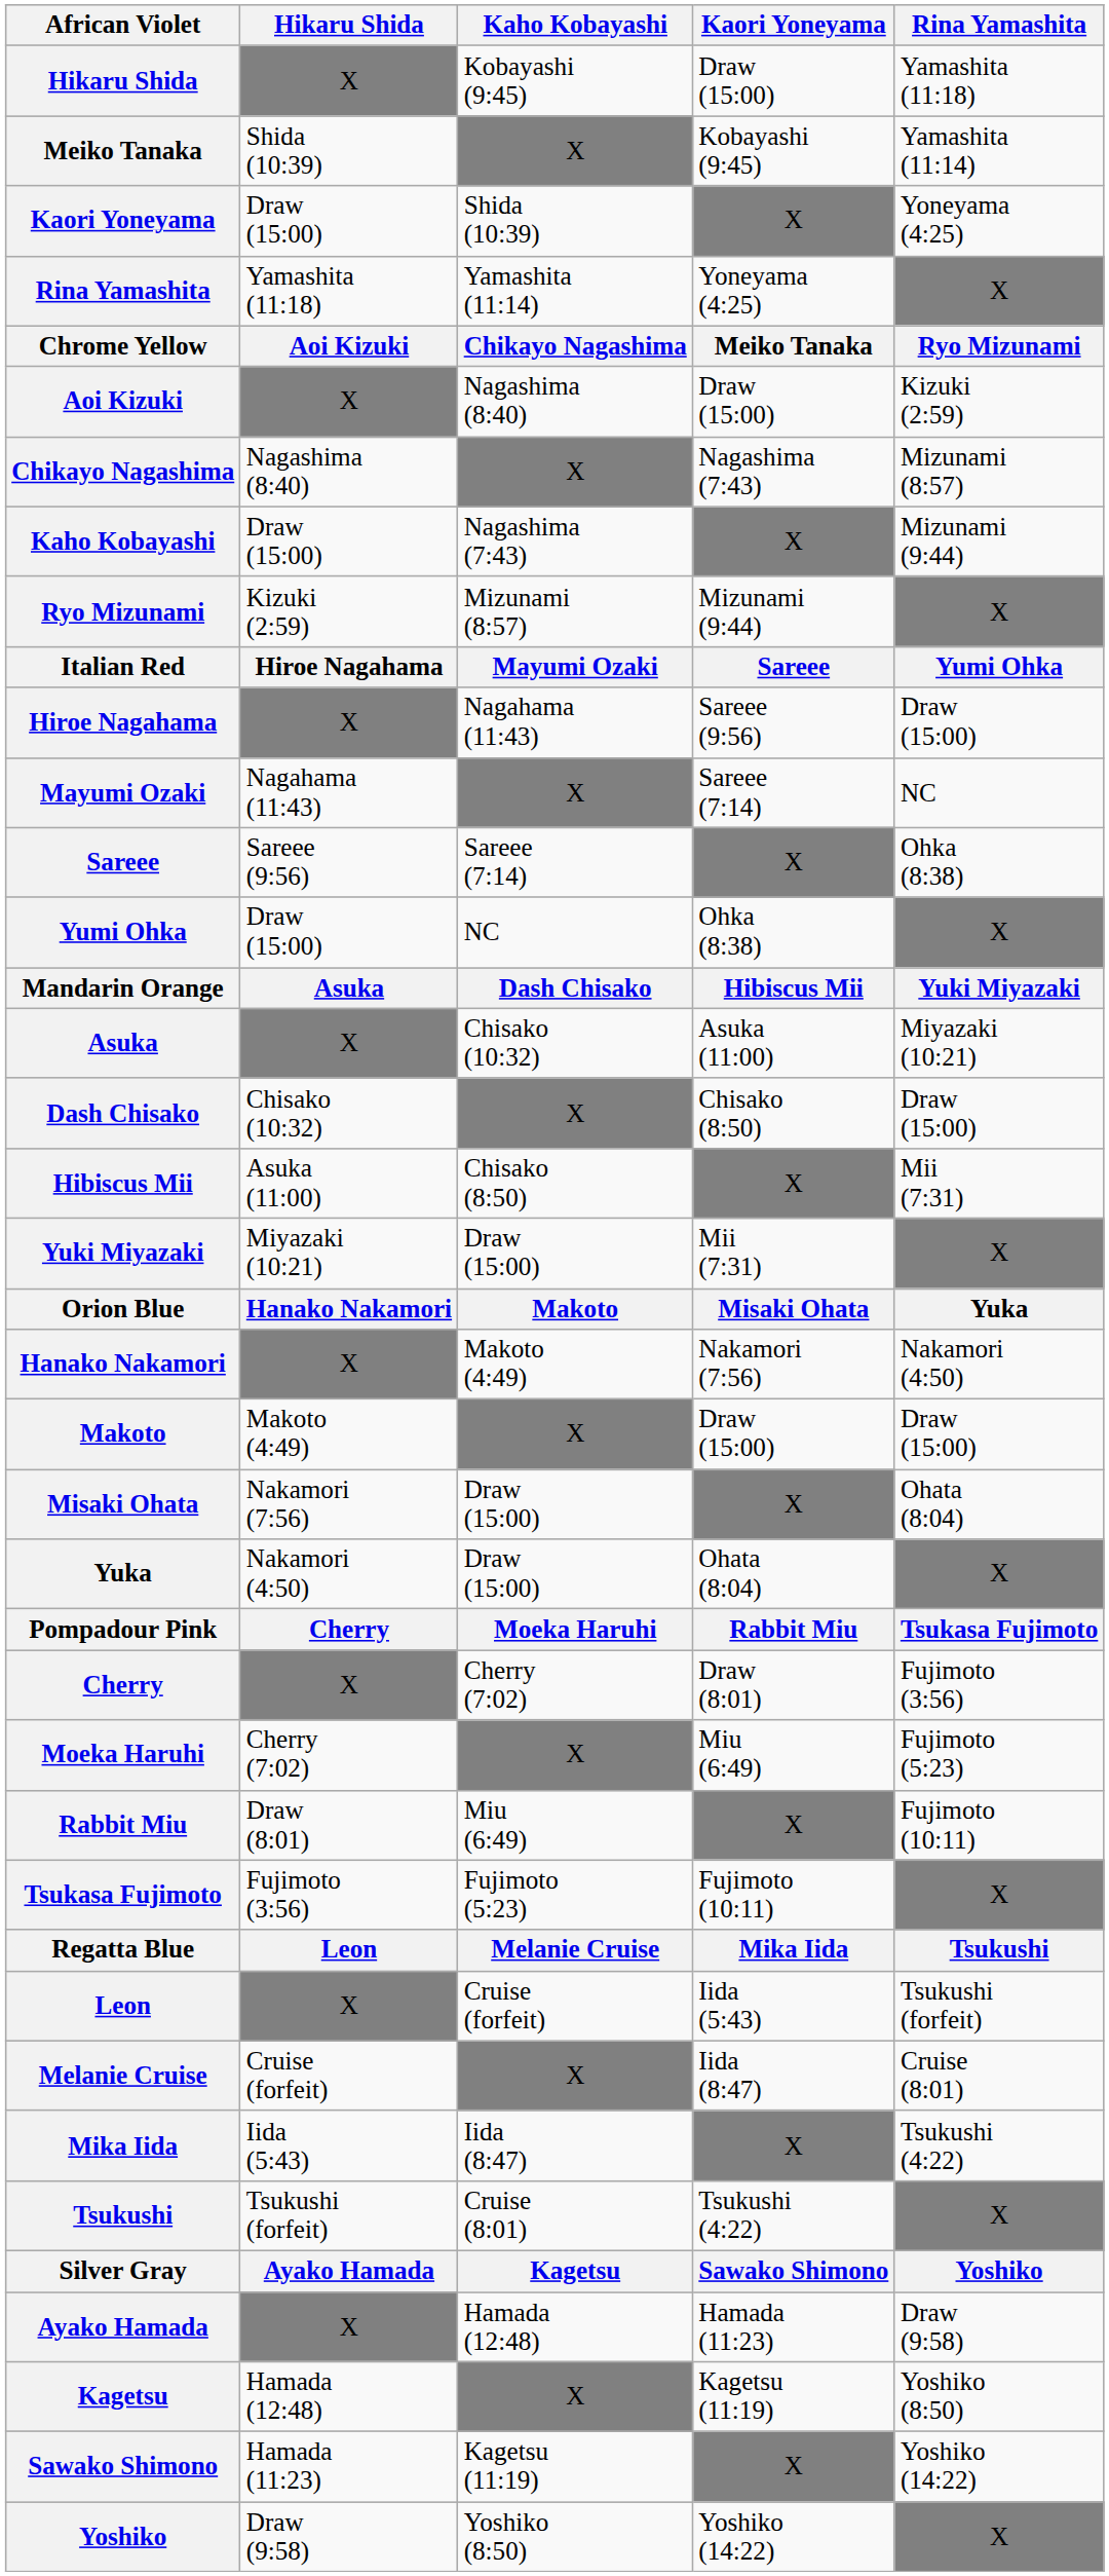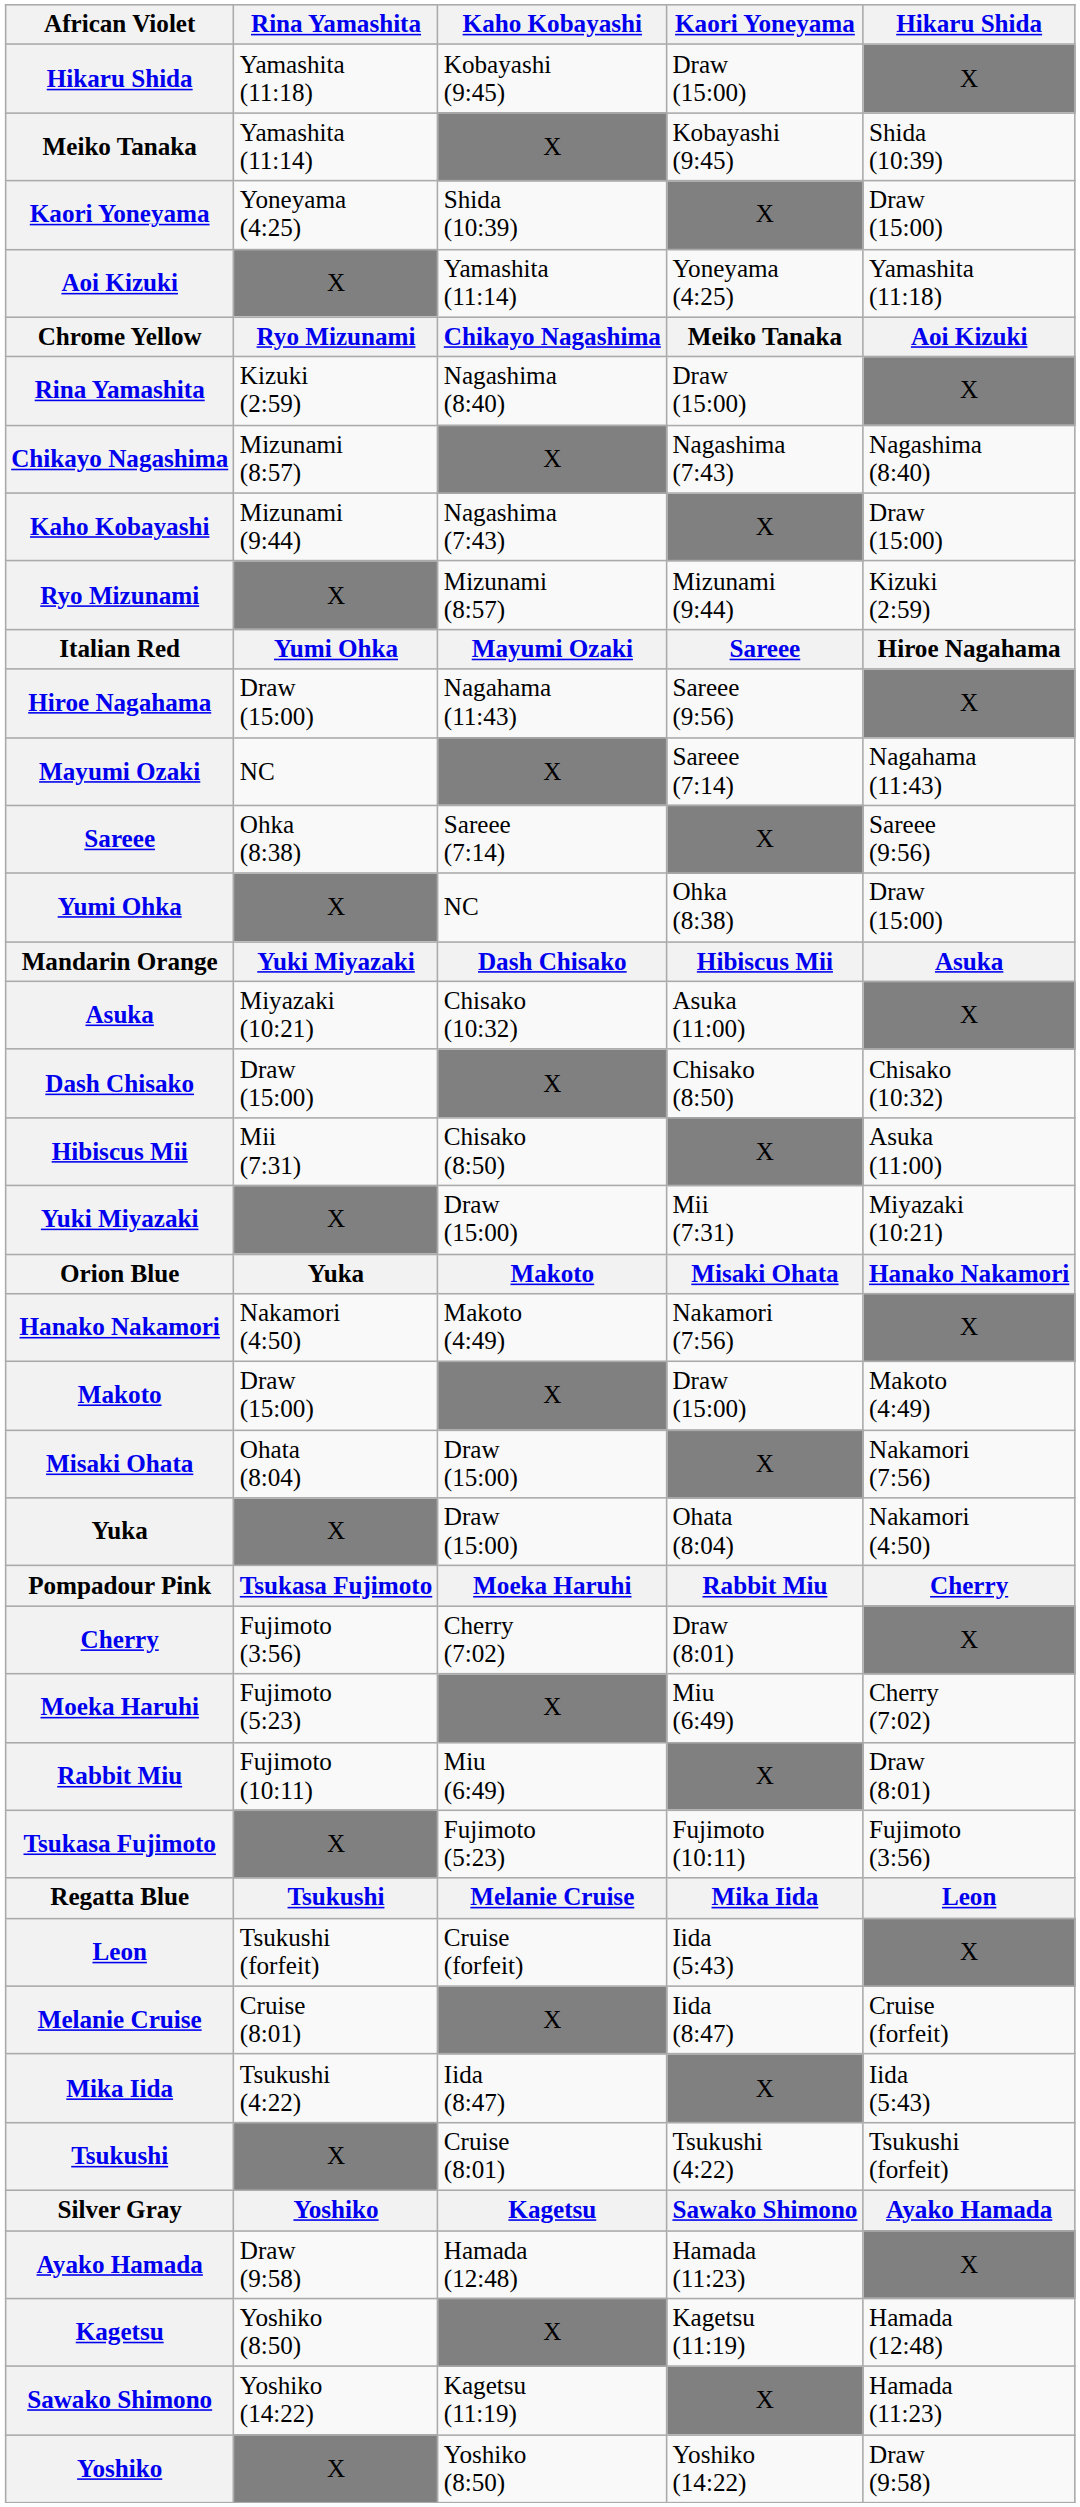 <table class="wikitable" align=center style="margin: 1em auto 1em auto">
 <tr>
 <th>African Violet</th>
-<th><a href='#'>Hikaru Shida</a></th>
+<th><a href='#'>Rina Yamashita</a></th>
 <th><a href='#'>Kaho Kobayashi</a></th>
 <th><a href='#'>Kaori Yoneyama</a></th>
-<th><a href='#'>Rina Yamashita</a></th>
+<th><a href='#'>Hikaru Shida</a></th>
 </tr>
 <tr>
 <th><a href='#'>Hikaru Shida</a></th>
-<td bgcolor=grey align="center">X</td>
+<td>Yamashita<br>(11:18)</td>
 <td>Kobayashi<br>(9:45)</td>
 <td>Draw<br>(15:00)</td>
-<td>Yamashita<br>(11:18)</td>
+<td bgcolor=grey align="center">X</td>
 </tr>
 <tr>
 <th>Meiko Tanaka</th>
-<td>Shida<br>(10:39)</td>
+<td>Yamashita<br>(11:14)</td>
 <td bgcolor=grey align="center">X</td>
 <td>Kobayashi<br>(9:45)</td>
-<td>Yamashita<br>(11:14)</td>
+<td>Shida<br>(10:39)</td>
 </tr>
 <tr>
 <th><a href='#'>Kaori Yoneyama</a></th>
-<td>Draw<br>(15:00)</td>
+<td>Yoneyama<br>(4:25)</td>
 <td>Shida<br>(10:39)</td>
 <td bgcolor=grey align="center">X</td>
-<td>Yoneyama<br>(4:25)</td>
-</tr>
-<tr>
-<th><a href='#'>Rina Yamashita</a></th>
-<td>Yamashita<br>(11:18)</td>
-<td>Yamashita<br>(11:14)</td>
-<td>Yoneyama<br>(4:25)</td>
-<td bgcolor=grey align="center">X</td>
-</tr>
-<tr>
-<th>Chrome Yellow</th>
-<th><a href='#'>Aoi Kizuki</a></th>
-<th><a href='#'>Chikayo Nagashima</a></th>
-<th>Meiko Tanaka</th>
-<th><a href='#'>Ryo Mizunami</a></th>
+<td>Draw<br>(15:00)</td>
 </tr>
 <tr>
 <th><a href='#'>Aoi Kizuki</a></th>
 <td bgcolor=grey align="center">X</td>
+<td>Yamashita<br>(11:14)</td>
+<td>Yoneyama<br>(4:25)</td>
+<td>Yamashita<br>(11:18)</td>
+</tr>
+<tr>
+<th>Chrome Yellow</th>
+<th><a href='#'>Ryo Mizunami</a></th>
+<th><a href='#'>Chikayo Nagashima</a></th>
+<th>Meiko Tanaka</th>
+<th><a href='#'>Aoi Kizuki</a></th>
+</tr>
+<tr>
+<th><a href='#'>Rina Yamashita</a></th>
+<td>Kizuki<br>(2:59)</td>
 <td>Nagashima<br>(8:40)</td>
 <td>Draw<br>(15:00)</td>
+<td bgcolor=grey align="center">X</td>
+</tr>
+<tr>
+<th><a href='#'>Chikayo Nagashima</a></th>
+<td>Mizunami<br>(8:57)</td>
+<td bgcolor=grey align="center">X</td>
+<td>Nagashima<br>(7:43)</td>
+<td>Nagashima<br>(8:40)</td>
+</tr>
+<tr>
+<th><a href='#'>Kaho Kobayashi</a></th>
+<td>Mizunami<br>(9:44)</td>
+<td>Nagashima<br>(7:43)</td>
+<td bgcolor=grey align="center">X</td>
+<td>Draw<br>(15:00)</td>
+</tr>
+<tr>
+<th><a href='#'>Ryo Mizunami</a></th>
+<td bgcolor=grey align="center">X</td>
+<td>Mizunami<br>(8:57)</td>
+<td>Mizunami<br>(9:44)</td>
 <td>Kizuki<br>(2:59)</td>
 </tr>
 <tr>
-<th><a href='#'>Chikayo Nagashima</a></th>
-<td>Nagashima<br>(8:40)</td>
-<td bgcolor=grey align="center">X</td>
-<td>Nagashima<br>(7:43)</td>
-<td>Mizunami<br>(8:57)</td>
+<th>Italian Red</th>
+<th><a href='#'>Yumi Ohka</a></th>
+<th><a href='#'>Mayumi Ozaki</a></th>
+<th><a href='#'>Sareee</a></th>
+<th>Hiroe Nagahama</th>
 </tr>
 <tr>
-<th><a href='#'>Kaho Kobayashi</a></th>
+<th><a href='#'>Hiroe Nagahama</a></th>
 <td>Draw<br>(15:00)</td>
-<td>Nagashima<br>(7:43)</td>
-<td bgcolor=grey align="center">X</td>
-<td>Mizunami<br>(9:44)</td>
-</tr>
-<tr>
-<th><a href='#'>Ryo Mizunami</a></th>
-<td>Kizuki<br>(2:59)</td>
-<td>Mizunami<br>(8:57)</td>
-<td>Mizunami<br>(9:44)</td>
+<td>Nagahama<br>(11:43)</td>
+<td>Sareee<br>(9:56)</td>
 <td bgcolor=grey align="center">X</td>
 </tr>
 <tr>
-<th>Italian Red</th>
-<th>Hiroe Nagahama</th>
 <th><a href='#'>Mayumi Ozaki</a></th>
-<th><a href='#'>Sareee</a></th>
-<th><a href='#'>Yumi Ohka</a></th>
+<td>NC</td>
+<td bgcolor=grey align="center">X</td>
+<td>Sareee<br>(7:14)</td>
+<td>Nagahama<br>(11:43)</td>
 </tr>
 <tr>
-<th><a href='#'>Hiroe Nagahama</a></th>
+<th><a href='#'>Sareee</a></th>
+<td>Ohka<br>(8:38)</td>
+<td>Sareee<br>(7:14)</td>
 <td bgcolor=grey align="center">X</td>
-<td>Nagahama<br>(11:43)</td>
 <td>Sareee<br>(9:56)</td>
+</tr>
+<tr>
+<th><a href='#'>Yumi Ohka</a></th>
+<td bgcolor=grey align="center">X</td>
+<td>NC</td>
+<td>Ohka<br>(8:38)</td>
 <td>Draw<br>(15:00)</td>
 </tr>
 <tr>
-<th><a href='#'>Mayumi Ozaki</a></th>
-<td>Nagahama<br>(11:43)</td>
-<td bgcolor=grey align="center">X</td>
-<td>Sareee<br>(7:14)</td>
-<td>NC</td>
+<th>Mandarin Orange</th>
+<th><a href='#'>Yuki Miyazaki</a></th>
+<th><a href='#'>Dash Chisako</a></th>
+<th><a href='#'>Hibiscus Mii</a></th>
+<th><a href='#'>Asuka</a></th>
 </tr>
 <tr>
-<th><a href='#'>Sareee</a></th>
-<td>Sareee<br>(9:56)</td>
-<td>Sareee<br>(7:14)</td>
-<td bgcolor=grey align="center">X</td>
-<td>Ohka<br>(8:38)</td>
-</tr>
-<tr>
-<th><a href='#'>Yumi Ohka</a></th>
-<td>Draw<br>(15:00)</td>
-<td>NC</td>
-<td>Ohka<br>(8:38)</td>
+<th><a href='#'>Asuka</a></th>
+<td>Miyazaki<br>(10:21)</td>
+<td>Chisako<br>(10:32)</td>
+<td>Asuka<br>(11:00)</td>
 <td bgcolor=grey align="center">X</td>
 </tr>
 <tr>
-<th>Mandarin Orange</th>
-<th><a href='#'>Asuka</a></th>
 <th><a href='#'>Dash Chisako</a></th>
-<th><a href='#'>Hibiscus Mii</a></th>
-<th><a href='#'>Yuki Miyazaki</a></th>
+<td>Draw<br>(15:00)</td>
+<td bgcolor=grey align="center">X</td>
+<td>Chisako<br>(8:50)</td>
+<td>Chisako<br>(10:32)</td>
 </tr>
 <tr>
-<th><a href='#'>Asuka</a></th>
+<th><a href='#'>Hibiscus Mii</a></th>
+<td>Mii<br>(7:31)</td>
+<td>Chisako<br>(8:50)</td>
 <td bgcolor=grey align="center">X</td>
-<td>Chisako<br>(10:32)</td>
 <td>Asuka<br>(11:00)</td>
+</tr>
+<tr>
+<th><a href='#'>Yuki Miyazaki</a></th>
+<td bgcolor=grey align="center">X</td>
+<td>Draw<br>(15:00)</td>
+<td>Mii<br>(7:31)</td>
 <td>Miyazaki<br>(10:21)</td>
 </tr>
 <tr>
-<th><a href='#'>Dash Chisako</a></th>
-<td>Chisako<br>(10:32)</td>
-<td bgcolor=grey align="center">X</td>
-<td>Chisako<br>(8:50)</td>
-<td>Draw<br>(15:00)</td>
+<th>Orion Blue</th>
+<th>Yuka</th>
+<th><a href='#'>Makoto</a></th>
+<th><a href='#'>Misaki Ohata</a></th>
+<th><a href='#'>Hanako Nakamori</a></th>
 </tr>
 <tr>
-<th><a href='#'>Hibiscus Mii</a></th>
-<td>Asuka<br>(11:00)</td>
-<td>Chisako<br>(8:50)</td>
-<td bgcolor=grey align="center">X</td>
-<td>Mii<br>(7:31)</td>
-</tr>
-<tr>
-<th><a href='#'>Yuki Miyazaki</a></th>
-<td>Miyazaki<br>(10:21)</td>
-<td>Draw<br>(15:00)</td>
-<td>Mii<br>(7:31)</td>
+<th><a href='#'>Hanako Nakamori</a></th>
+<td>Nakamori<br>(4:50)</td>
+<td>Makoto<br>(4:49)</td>
+<td>Nakamori<br>(7:56)</td>
 <td bgcolor=grey align="center">X</td>
 </tr>
 <tr>
-<th>Orion Blue</th>
-<th><a href='#'>Hanako Nakamori</a></th>
 <th><a href='#'>Makoto</a></th>
-<th><a href='#'>Misaki Ohata</a></th>
-<th>Yuka</th>
+<td>Draw<br>(15:00)</td>
+<td bgcolor=grey align="center">X</td>
+<td>Draw<br>(15:00)</td>
+<td>Makoto<br>(4:49)</td>
 </tr>
 <tr>
-<th><a href='#'>Hanako Nakamori</a></th>
+<th><a href='#'>Misaki Ohata</a></th>
+<td>Ohata<br>(8:04)</td>
+<td>Draw<br>(15:00)</td>
 <td bgcolor=grey align="center">X</td>
-<td>Makoto<br>(4:49)</td>
 <td>Nakamori<br>(7:56)</td>
+</tr>
+<tr>
+<th>Yuka</th>
+<td bgcolor=grey align="center">X</td>
+<td>Draw<br>(15:00)</td>
+<td>Ohata<br>(8:04)</td>
 <td>Nakamori<br>(4:50)</td>
 </tr>
 <tr>
-<th><a href='#'>Makoto</a></th>
-<td>Makoto<br>(4:49)</td>
-<td bgcolor=grey align="center">X</td>
-<td>Draw<br>(15:00)</td>
-<td>Draw<br>(15:00)</td>
+<th>Pompadour Pink</th>
+<th><a href='#'>Tsukasa Fujimoto</a></th>
+<th><a href='#'>Moeka Haruhi</a></th>
+<th><a href='#'>Rabbit Miu</a></th>
+<th><a href='#'>Cherry</a></th>
 </tr>
 <tr>
-<th><a href='#'>Misaki Ohata</a></th>
-<td>Nakamori<br>(7:56)</td>
-<td>Draw<br>(15:00)</td>
-<td bgcolor=grey align="center">X</td>
-<td>Ohata<br>(8:04)</td>
-</tr>
-<tr>
-<th>Yuka</th>
-<td>Nakamori<br>(4:50)</td>
-<td>Draw<br>(15:00)</td>
-<td>Ohata<br>(8:04)</td>
+<th><a href='#'>Cherry</a></th>
+<td>Fujimoto<br>(3:56)</td>
+<td>Cherry<br>(7:02)</td>
+<td>Draw<br>(8:01)</td>
 <td bgcolor=grey align="center">X</td>
 </tr>
 <tr>
-<th>Pompadour Pink</th>
-<th><a href='#'>Cherry</a></th>
 <th><a href='#'>Moeka Haruhi</a></th>
-<th><a href='#'>Rabbit Miu</a></th>
-<th><a href='#'>Tsukasa Fujimoto</a></th>
+<td>Fujimoto<br>(5:23)</td>
+<td bgcolor=grey align="center">X</td>
+<td>Miu<br>(6:49)</td>
+<td>Cherry<br>(7:02)</td>
 </tr>
 <tr>
-<th><a href='#'>Cherry</a></th>
+<th><a href='#'>Rabbit Miu</a></th>
+<td>Fujimoto<br>(10:11)</td>
+<td>Miu<br>(6:49)</td>
 <td bgcolor=grey align="center">X</td>
-<td>Cherry<br>(7:02)</td>
 <td>Draw<br>(8:01)</td>
+</tr>
+<tr>
+<th><a href='#'>Tsukasa Fujimoto</a></th>
+<td bgcolor=grey align="center">X</td>
+<td>Fujimoto<br>(5:23)</td>
+<td>Fujimoto<br>(10:11)</td>
 <td>Fujimoto<br>(3:56)</td>
 </tr>
 <tr>
-<th><a href='#'>Moeka Haruhi</a></th>
-<td>Cherry<br>(7:02)</td>
-<td bgcolor=grey align="center">X</td>
-<td>Miu<br>(6:49)</td>
-<td>Fujimoto<br>(5:23)</td>
+<th>Regatta Blue</th>
+<th><a href='#'>Tsukushi</a></th>
+<th><a href='#'>Melanie Cruise</a></th>
+<th><a href='#'>Mika Iida</a></th>
+<th><a href='#'>Leon</a></th>
 </tr>
 <tr>
-<th><a href='#'>Rabbit Miu</a></th>
-<td>Draw<br>(8:01)</td>
-<td>Miu<br>(6:49)</td>
-<td bgcolor=grey align="center">X</td>
-<td>Fujimoto<br>(10:11)</td>
-</tr>
-<tr>
-<th><a href='#'>Tsukasa Fujimoto</a></th>
-<td>Fujimoto<br>(3:56)</td>
-<td>Fujimoto<br>(5:23)</td>
-<td>Fujimoto<br>(10:11)</td>
+<th><a href='#'>Leon</a></th>
+<td>Tsukushi<br>(forfeit)</td>
+<td>Cruise<br>(forfeit)</td>
+<td>Iida<br>(5:43)</td>
 <td bgcolor=grey align="center">X</td>
 </tr>
 <tr>
-<th>Regatta Blue</th>
-<th><a href='#'>Leon</a></th>
 <th><a href='#'>Melanie Cruise</a></th>
-<th><a href='#'>Mika Iida</a></th>
-<th><a href='#'>Tsukushi</a></th>
+<td>Cruise<br>(8:01)</td>
+<td bgcolor=grey align="center">X</td>
+<td>Iida<br>(8:47)</td>
+<td>Cruise<br>(forfeit)</td>
 </tr>
 <tr>
-<th><a href='#'>Leon</a></th>
+<th><a href='#'>Mika Iida</a></th>
+<td>Tsukushi<br>(4:22)</td>
+<td>Iida<br>(8:47)</td>
 <td bgcolor=grey align="center">X</td>
-<td>Cruise<br>(forfeit)</td>
 <td>Iida<br>(5:43)</td>
+</tr>
+<tr>
+<th><a href='#'>Tsukushi</a></th>
+<td bgcolor=grey align="center">X</td>
+<td>Cruise<br>(8:01)</td>
+<td>Tsukushi<br>(4:22)</td>
 <td>Tsukushi<br>(forfeit)</td>
 </tr>
 <tr>
-<th><a href='#'>Melanie Cruise</a></th>
-<td>Cruise<br>(forfeit)</td>
-<td bgcolor=grey align="center">X</td>
-<td>Iida<br>(8:47)</td>
-<td>Cruise<br>(8:01)</td>
+<th>Silver Gray</th>
+<th><a href='#'>Yoshiko</a></th>
+<th><a href='#'>Kagetsu</a></th>
+<th><a href='#'>Sawako Shimono</a></th>
+<th><a href='#'>Ayako Hamada</a></th>
 </tr>
 <tr>
-<th><a href='#'>Mika Iida</a></th>
-<td>Iida<br>(5:43)</td>
-<td>Iida<br>(8:47)</td>
-<td bgcolor=grey align="center">X</td>
-<td>Tsukushi<br>(4:22)</td>
-</tr>
-<tr>
-<th><a href='#'>Tsukushi</a></th>
-<td>Tsukushi<br>(forfeit)</td>
-<td>Cruise<br>(8:01)</td>
-<td>Tsukushi<br>(4:22)</td>
+<th><a href='#'>Ayako Hamada</a></th>
+<td>Draw<br>(9:58)</td>
+<td>Hamada<br>(12:48)</td>
+<td>Hamada<br>(11:23)</td>
 <td bgcolor=grey align="center">X</td>
 </tr>
 <tr>
-<th>Silver Gray</th>
-<th><a href='#'>Ayako Hamada</a></th>
 <th><a href='#'>Kagetsu</a></th>
-<th><a href='#'>Sawako Shimono</a></th>
-<th><a href='#'>Yoshiko</a></th>
-</tr>
-<tr>
-<th><a href='#'>Ayako Hamada</a></th>
-<td bgcolor=grey align="center">X</td>
-<td>Hamada<br>(12:48)</td>
-<td>Hamada<br>(11:23)</td>
-<td>Draw<br>(9:58)</td>
-</tr>
-<tr>
-<th><a href='#'>Kagetsu</a></th>
-<td>Hamada<br>(12:48)</td>
+<td>Yoshiko<br>(8:50)</td>
 <td bgcolor=grey align="center">X</td>
 <td>Kagetsu<br>(11:19)</td>
-<td>Yoshiko<br>(8:50)</td>
+<td>Hamada<br>(12:48)</td>
 </tr>
 <tr>
 <th><a href='#'>Sawako Shimono</a></th>
-<td>Hamada<br>(11:23)</td>
+<td>Yoshiko<br>(14:22)</td>
 <td>Kagetsu<br>(11:19)</td>
 <td bgcolor=grey align="center">X</td>
-<td>Yoshiko<br>(14:22)</td>
+<td>Hamada<br>(11:23)</td>
 </tr>
 <tr>
 <th><a href='#'>Yoshiko</a></th>
-<td>Draw<br>(9:58)</td>
+<td bgcolor=grey align="center">X</td>
 <td>Yoshiko<br>(8:50)</td>
 <td>Yoshiko<br>(14:22)</td>
-<td bgcolor=grey align="center">X</td>
+<td>Draw<br>(9:58)</td>
 </tr>
 </table>
